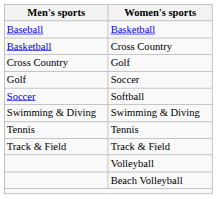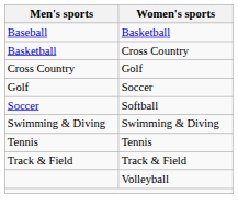 <table class="wikitable">
 <tr>
 <th width=150px>Men's sports</th>
 <th width=150px>Women's sports</th>
 </tr>
 <tr>
 <td><a href='#'>Baseball</a></td>
 <td><a href='#'>Basketball</a></td>
 </tr>
 <tr>
 <td><a href='#'>Basketball</a></td>
 <td>Cross Country</td>
 </tr>
 <tr>
 <td>Cross Country</td>
 <td>Golf</td>
 </tr>
 <tr>
 <td>Golf</td>
 <td>Soccer</td>
 </tr>
 <tr>
 <td><a href='#'>Soccer</a></td>
 <td>Softball</td>
 </tr>
 <tr>
 <td>Swimming & Diving</td>
 <td>Swimming & Diving</td>
 </tr>
 <tr>
 <td>Tennis</td>
 <td>Tennis</td>
 </tr>
 <tr>
 <td>Track & Field </td>
 <td>Track & Field </td>
 </tr>
 <tr>
 <td></td>
 <td>Volleyball</td>
 </tr>
 <tr>
-<td></td>
-<td>Beach Volleyball</td>
-</tr>
-<tr>
 <td colspan=2></td>
 </tr>
 </table>
